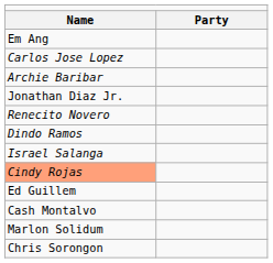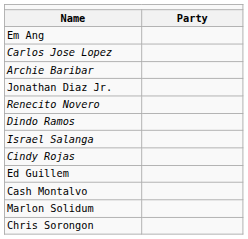 <table class=wikitable style="font-size:90%">
 <tr>
 <td colspan=4 bgcolor=></td>
 </tr>
 <tr>
 <th style="width:150px;">Name</th>
 <th colspan="2" style="width:110px;">Party</th>
 </tr>
 <tr>
 <td>Em Ang</td>
 <td></td>
 </tr>
 <tr>
 <td><em>Carlos Jose Lopez</em></td>
 <td></td>
 </tr>
 <tr>
 <td><em>Archie Baribar</em></td>
 <td></td>
 </tr>
 <tr>
 <td>Jonathan Diaz Jr.</td>
 <td></td>
 </tr>
 <tr>
 <td><em>Renecito Novero</em></td>
 <td></td>
 </tr>
 <tr>
 <td><em>Dindo Ramos</em></td>
 <td></td>
 </tr>
 <tr>
 <td><em>Israel Salanga</em></td>
 <td></td>
 </tr>
 <tr>
-<td style="background: lightsalmon;"><em>Cindy Rojas</em></td>
+<td><em>Cindy Rojas</em></td>
 <td></td>
 </tr>
 <tr>
 <td>Ed Guillem</td>
 <td></td>
 </tr>
 <tr>
 <td>Cash Montalvo</td>
 <td></td>
 </tr>
 <tr>
 <td>Marlon Solidum</td>
 <td></td>
 </tr>
 <tr>
 <td>Chris Sorongon</td>
 <td></td>
 </tr>
 </table>
